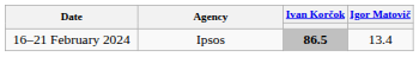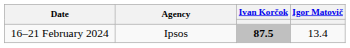 <table class="wikitable" style="text-align:center;">
 <tr style="font-size:80%;">
 <th style="width:150px;" rowspan="2">Date</th>
 <th style="width:165px;" rowspan="2">Agency</th>
 <th><a href='#'>Ivan Korčok</a></th>
 <th><a href='#'>Igor Matovič</a></th>
 </tr>
 <tr>
 <th style="background:"></th>
 <th style="background:"></th>
 </tr>
 <tr>
 <td>16–21 February 2024</td>
 <td>Ipsos</td>
-<td style="background:#C0C0C0;"><strong>86.5</strong></td>
+<td style="background:#C0C0C0;"><strong>87.5</strong></td>
 <td>13.4</td>
 </tr>
 </table>
